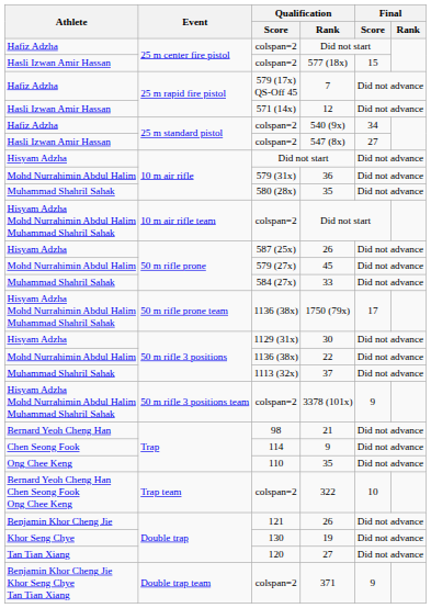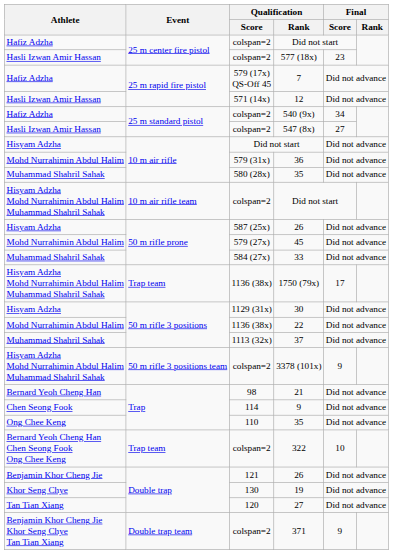 <table class=wikitable style="text-align:center; font-size:90%">
 <tr>
 <th rowspan=2>Athlete</th>
 <th rowspan=2>Event</th>
 <th colspan=2>Qualification</th>
 <th colspan=2>Final</th>
 </tr>
 <tr>
 <th>Score</th>
 <th>Rank</th>
 <th>Score</th>
 <th>Rank</th>
 </tr>
 <tr>
 <td align=left><a href='#'>Hafiz Adzha</a></td>
 <td rowspan=2 align=left><a href='#'>25 m center fire pistol</a></td>
 <td>colspan=2 </td>
 <td colspan=2>Did not start</td>
 </tr>
 <tr>
 <td align=left><a href='#'>Hasli Izwan Amir Hassan</a></td>
 <td>colspan=2 </td>
 <td>577 (18x)</td>
-<td>15</td>
+<td>23</td>
 </tr>
 <tr>
 <td align=left><a href='#'>Hafiz Adzha</a></td>
 <td rowspan=2 align=left><a href='#'>25 m rapid fire pistol</a></td>
 <td>579 (17x)<br>QS-Off 45</td>
 <td>7</td>
 <td colspan=2>Did not advance</td>
 </tr>
 <tr>
 <td align=left><a href='#'>Hasli Izwan Amir Hassan</a></td>
 <td>571 (14x)</td>
 <td>12</td>
 <td colspan=2>Did not advance</td>
 </tr>
 <tr>
 <td align=left><a href='#'>Hafiz Adzha</a></td>
 <td rowspan=2 align=left><a href='#'>25 m standard pistol</a></td>
 <td>colspan=2 </td>
 <td>540 (9x)</td>
 <td>34</td>
 </tr>
 <tr>
 <td align=left><a href='#'>Hasli Izwan Amir Hassan</a></td>
 <td>colspan=2 </td>
 <td>547 (8x)</td>
 <td>27</td>
 </tr>
 <tr>
 <td align=left><a href='#'>Hisyam Adzha</a></td>
 <td rowspan=3 align=left><a href='#'>10 m air rifle</a></td>
 <td colspan=2>Did not start</td>
 <td colspan=2>Did not advance</td>
 </tr>
 <tr>
 <td align=left><a href='#'>Mohd Nurrahimin Abdul Halim</a></td>
 <td>579 (31x)</td>
 <td>36</td>
 <td colspan=2>Did not advance</td>
 </tr>
 <tr>
 <td align=left><a href='#'>Muhammad Shahril Sahak</a></td>
 <td>580 (28x)</td>
 <td>35</td>
 <td colspan=2>Did not advance</td>
 </tr>
 <tr>
 <td align=left><a href='#'>Hisyam Adzha</a><br><a href='#'>Mohd Nurrahimin Abdul Halim</a><br><a href='#'>Muhammad Shahril Sahak</a></td>
 <td align=left><a href='#'>10 m air rifle team</a></td>
 <td>colspan=2 </td>
 <td colspan=2>Did not start</td>
 </tr>
 <tr>
 <td align=left><a href='#'>Hisyam Adzha</a></td>
 <td rowspan=3 align=left><a href='#'>50 m rifle prone</a></td>
 <td>587 (25x)</td>
 <td>26</td>
 <td colspan=2>Did not advance</td>
 </tr>
 <tr>
 <td align=left><a href='#'>Mohd Nurrahimin Abdul Halim</a></td>
 <td>579 (27x)</td>
 <td>45</td>
 <td colspan=2>Did not advance</td>
 </tr>
 <tr>
 <td align=left><a href='#'>Muhammad Shahril Sahak</a></td>
 <td>584 (27x)</td>
 <td>33</td>
 <td colspan=2>Did not advance</td>
 </tr>
 <tr>
 <td align=left><a href='#'>Hisyam Adzha</a><br><a href='#'>Mohd Nurrahimin Abdul Halim</a><br><a href='#'>Muhammad Shahril Sahak</a></td>
-<td align=left><a href='#'>50 m rifle prone team</a></td>
+<td align=left><a href='#'>Trap team</a></td>
 <td>1136 (38x)</td>
 <td>1750 (79x)</td>
 <td>17</td>
 </tr>
 <tr>
 <td align=left><a href='#'>Hisyam Adzha</a></td>
 <td rowspan=3 align=left><a href='#'>50 m rifle 3 positions</a></td>
 <td>1129 (31x)</td>
 <td>30</td>
 <td colspan=2>Did not advance</td>
 </tr>
 <tr>
 <td align=left><a href='#'>Mohd Nurrahimin Abdul Halim</a></td>
 <td>1136 (38x)</td>
 <td>22</td>
 <td colspan=2>Did not advance</td>
 </tr>
 <tr>
 <td align=left><a href='#'>Muhammad Shahril Sahak</a></td>
 <td>1113 (32x)</td>
 <td>37</td>
 <td colspan=2>Did not advance</td>
 </tr>
 <tr>
 <td align=left><a href='#'>Hisyam Adzha</a><br><a href='#'>Mohd Nurrahimin Abdul Halim</a><br><a href='#'>Muhammad Shahril Sahak</a></td>
 <td align=left><a href='#'>50 m rifle 3 positions team</a></td>
 <td>colspan=2 </td>
 <td>3378 (101x)</td>
 <td>9</td>
 </tr>
 <tr>
 <td align=left><a href='#'>Bernard Yeoh Cheng Han</a></td>
 <td rowspan=3 align=left><a href='#'>Trap</a></td>
 <td>98</td>
 <td>21</td>
 <td colspan=2>Did not advance</td>
 </tr>
 <tr>
 <td align=left><a href='#'>Chen Seong Fook</a></td>
 <td>114</td>
 <td>9</td>
 <td colspan=2>Did not advance</td>
 </tr>
 <tr>
 <td align=left><a href='#'>Ong Chee Keng</a></td>
 <td>110</td>
 <td>35</td>
 <td colspan=2>Did not advance</td>
 </tr>
 <tr>
 <td align=left><a href='#'>Bernard Yeoh Cheng Han</a><br><a href='#'>Chen Seong Fook</a><br><a href='#'>Ong Chee Keng</a></td>
 <td align=left><a href='#'>Trap team</a></td>
 <td>colspan=2 </td>
 <td>322</td>
 <td>10</td>
 </tr>
 <tr>
 <td align=left><a href='#'>Benjamin Khor Cheng Jie</a></td>
 <td rowspan=3 align=left><a href='#'>Double trap</a></td>
 <td>121</td>
 <td>26</td>
 <td colspan=2>Did not advance</td>
 </tr>
 <tr>
 <td align=left><a href='#'>Khor Seng Chye</a></td>
 <td>130</td>
 <td>19</td>
 <td colspan=2>Did not advance</td>
 </tr>
 <tr>
 <td align=left><a href='#'>Tan Tian Xiang</a></td>
 <td>120</td>
 <td>27</td>
 <td colspan=2>Did not advance</td>
 </tr>
 <tr>
 <td align=left><a href='#'>Benjamin Khor Cheng Jie</a><br><a href='#'>Khor Seng Chye</a><br><a href='#'>Tan Tian Xiang</a></td>
 <td align=left><a href='#'>Double trap team</a></td>
 <td>colspan=2 </td>
 <td>371</td>
 <td>9</td>
 </tr>
 </table>
